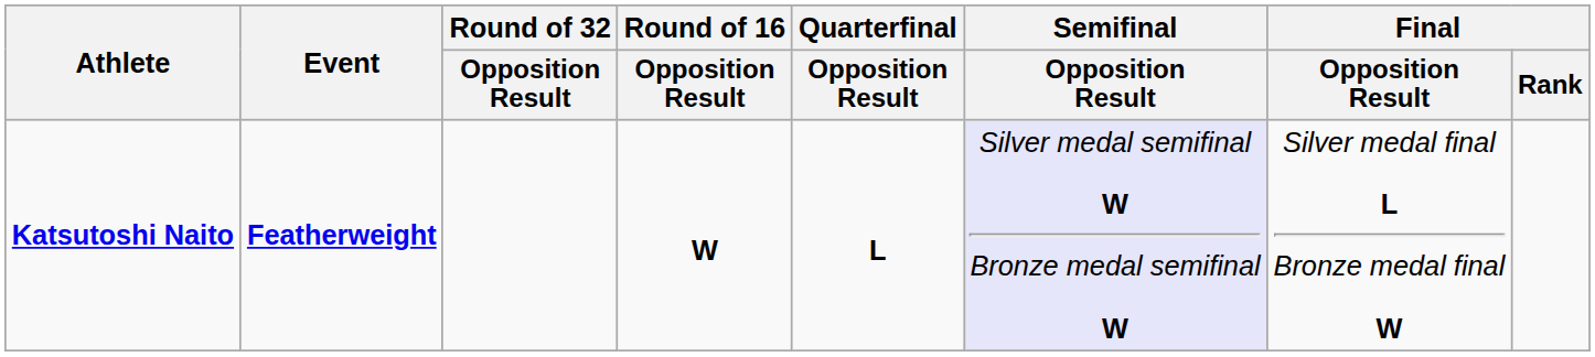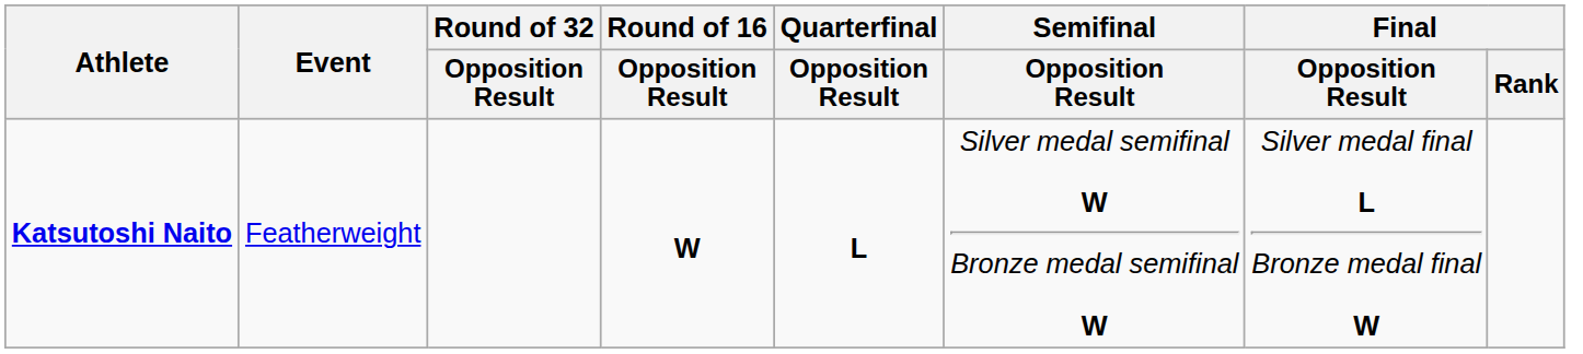 <table class="wikitable" style="font-size:90%;">
 <tr>
 <th rowspan=2>Athlete</th>
 <th rowspan=2>Event</th>
 <th>Round of 32</th>
 <th>Round of 16</th>
 <th>Quarterfinal</th>
 <th>Semifinal</th>
 <th colspan=2>Final</th>
 </tr>
 <tr style="font-size: 95%">
 <th>Opposition<br>Result</th>
 <th>Opposition<br>Result</th>
 <th>Opposition<br>Result</th>
 <th>Opposition<br>Result</th>
 <th>Opposition<br>Result</th>
 <th>Rank</th>
 </tr>
 <tr align=center>
 <td align=left><strong><a href='#'>Katsutoshi Naito</a></strong></td>
-<td align=left><strong><a href='#'>Featherweight</a></strong></td>
+<td align=left><a href='#'>Featherweight</a></td>
 <td></td>
 <td> <br> <strong>W</strong></td>
 <td> <br> <strong>L</strong></td>
-<td style="background: lavender;"><em>Silver medal semifinal</em> <br>  <br> <strong>W</strong> <hr> <em>Bronze medal semifinal</em> <br>  <br> <strong>W</strong></td>
+<td><em>Silver medal semifinal</em> <br>  <br> <strong>W</strong> <hr> <em>Bronze medal semifinal</em> <br>  <br> <strong>W</strong></td>
 <td><em>Silver medal final</em> <br>  <br> <strong>L</strong> <hr> <em>Bronze medal final</em> <br>  <br> <strong>W</strong></td>
 <td></td>
 </tr>
 </table>
